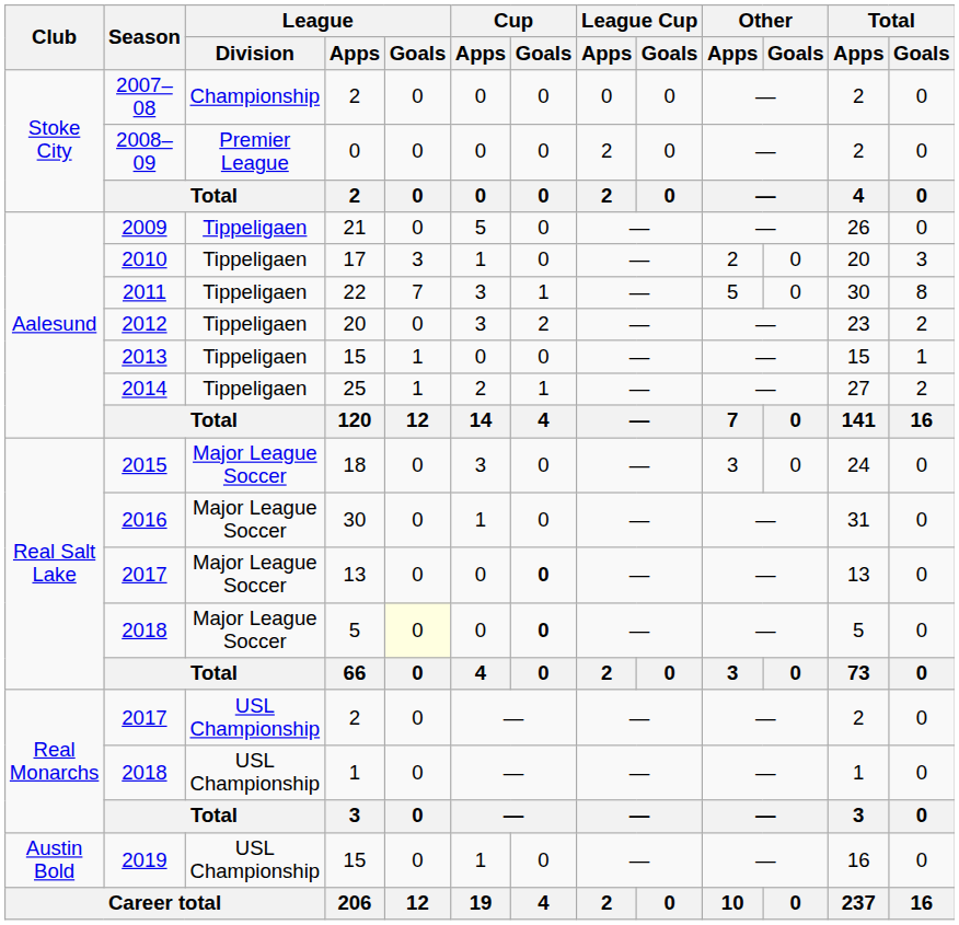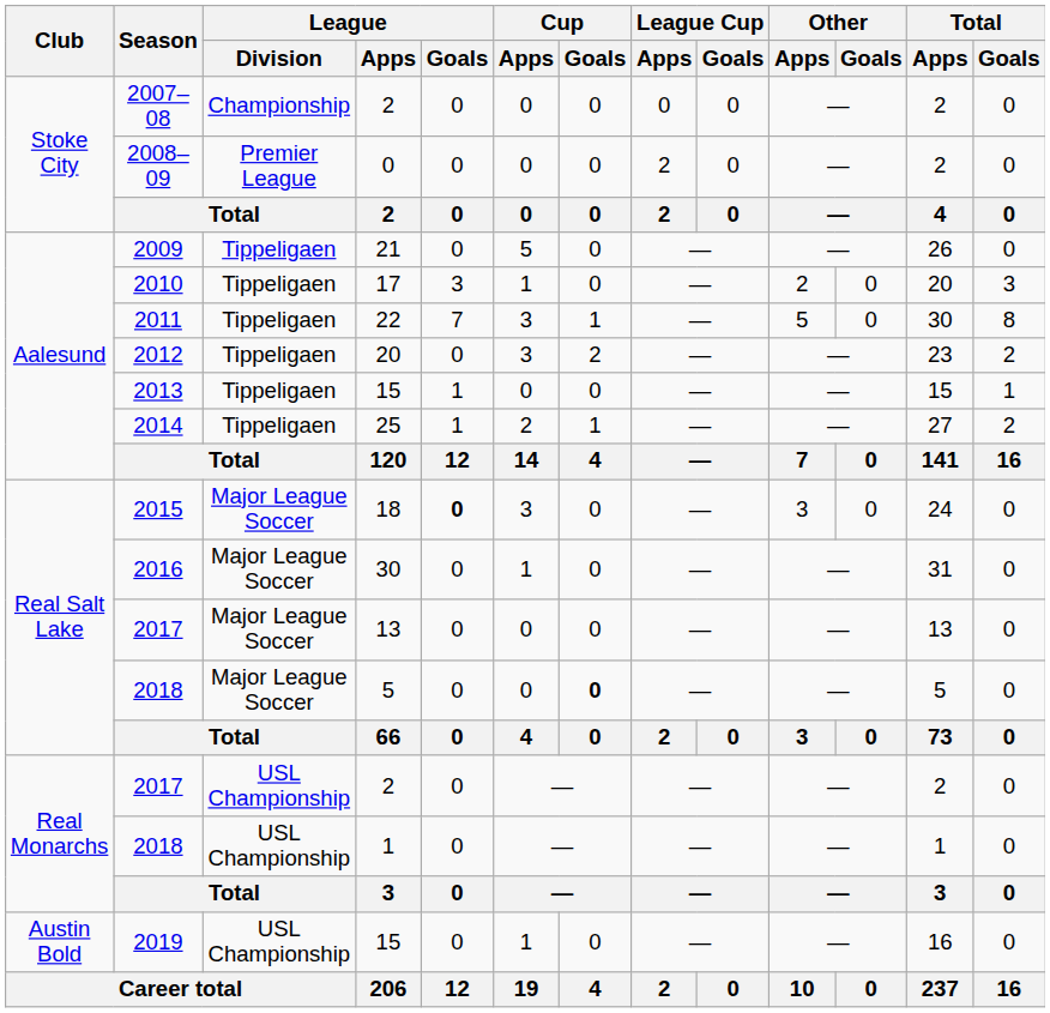 <table class="wikitable" style="text-align: center;">
 <tr>
 <th rowspan="2">Club</th>
 <th rowspan="2">Season</th>
 <th colspan="3">League</th>
 <th colspan="2">Cup</th>
 <th colspan="2">League Cup</th>
 <th colspan="2">Other</th>
 <th colspan="2">Total</th>
 </tr>
 <tr>
 <th>Division</th>
 <th>Apps</th>
 <th>Goals</th>
 <th>Apps</th>
 <th>Goals</th>
 <th>Apps</th>
 <th>Goals</th>
 <th>Apps</th>
 <th>Goals</th>
 <th>Apps</th>
 <th>Goals</th>
 </tr>
 <tr>
 <td rowspan=3><a href='#'>Stoke City</a></td>
 <td><a href='#'>2007–08</a></td>
 <td><a href='#'>Championship</a></td>
 <td>2</td>
 <td>0</td>
 <td>0</td>
 <td>0</td>
 <td>0</td>
 <td>0</td>
 <td colspan="2">—</td>
 <td>2</td>
 <td>0</td>
 </tr>
 <tr>
 <td><a href='#'>2008–09</a></td>
 <td><a href='#'>Premier League</a></td>
 <td>0</td>
 <td>0</td>
 <td>0</td>
 <td>0</td>
 <td>2</td>
 <td>0</td>
 <td colspan="2">—</td>
 <td>2</td>
 <td>0</td>
 </tr>
 <tr>
 <th colspan=2>Total</th>
 <th>2</th>
 <th>0</th>
 <th>0</th>
 <th>0</th>
 <th>2</th>
 <th>0</th>
 <th colspan="2">—</th>
 <th>4</th>
 <th>0</th>
 </tr>
 <tr>
 <td rowspan=7><a href='#'>Aalesund</a></td>
 <td><a href='#'>2009</a></td>
 <td><a href='#'>Tippeligaen</a></td>
 <td>21</td>
 <td>0</td>
 <td>5</td>
 <td>0</td>
 <td colspan="2">—</td>
 <td colspan="2">—</td>
 <td>26</td>
 <td>0</td>
 </tr>
 <tr>
 <td><a href='#'>2010</a></td>
 <td>Tippeligaen</td>
 <td>17</td>
 <td>3</td>
 <td>1</td>
 <td>0</td>
 <td colspan="2">—</td>
 <td>2</td>
 <td>0</td>
 <td>20</td>
 <td>3</td>
 </tr>
 <tr>
 <td><a href='#'>2011</a></td>
 <td>Tippeligaen</td>
 <td>22</td>
 <td>7</td>
 <td>3</td>
 <td>1</td>
 <td colspan="2">—</td>
 <td>5</td>
 <td>0</td>
 <td>30</td>
 <td>8</td>
 </tr>
 <tr>
 <td><a href='#'>2012</a></td>
 <td>Tippeligaen</td>
 <td>20</td>
 <td>0</td>
 <td>3</td>
 <td>2</td>
 <td colspan="2">—</td>
 <td colspan="2">—</td>
 <td>23</td>
 <td>2</td>
 </tr>
 <tr>
 <td><a href='#'>2013</a></td>
 <td>Tippeligaen</td>
 <td>15</td>
 <td>1</td>
 <td>0</td>
 <td>0</td>
 <td colspan="2">—</td>
 <td colspan="2">—</td>
 <td>15</td>
 <td>1</td>
 </tr>
 <tr>
 <td><a href='#'>2014</a></td>
 <td>Tippeligaen</td>
 <td>25</td>
 <td>1</td>
 <td>2</td>
 <td>1</td>
 <td colspan="2">—</td>
 <td colspan="2">—</td>
 <td>27</td>
 <td>2</td>
 </tr>
 <tr>
 <th colspan=2>Total</th>
 <th>120</th>
 <th>12</th>
 <th>14</th>
 <th>4</th>
 <th colspan="2">—</th>
 <th>7</th>
 <th>0</th>
 <th>141</th>
 <th>16</th>
 </tr>
 <tr>
 <td rowspan=5><a href='#'>Real Salt Lake</a></td>
 <td><a href='#'>2015</a></td>
 <td><a href='#'>Major League Soccer</a></td>
 <td>18</td>
-<td>0</td>
+<td><strong>0</strong></td>
 <td>3</td>
 <td>0</td>
 <td colspan="2">—</td>
 <td>3</td>
 <td>0</td>
 <td>24</td>
 <td>0</td>
 </tr>
 <tr>
 <td><a href='#'>2016</a></td>
 <td>Major League Soccer</td>
 <td>30</td>
 <td>0</td>
 <td>1</td>
 <td>0</td>
 <td colspan="2">—</td>
 <td colspan="2">—</td>
 <td>31</td>
 <td>0</td>
 </tr>
 <tr>
 <td><a href='#'>2017</a></td>
 <td>Major League Soccer</td>
 <td>13</td>
 <td>0</td>
 <td>0</td>
-<td><strong>0</strong></td>
+<td>0</td>
 <td colspan="2">—</td>
 <td colspan="2">—</td>
 <td>13</td>
 <td>0</td>
 </tr>
 <tr>
 <td><a href='#'>2018</a></td>
 <td>Major League Soccer</td>
 <td>5</td>
-<td style="background: lightyellow;">0</td>
+<td>0</td>
 <td>0</td>
 <td><strong>0</strong></td>
 <td colspan="2">—</td>
 <td colspan="2">—</td>
 <td>5</td>
 <td>0</td>
 </tr>
 <tr>
 <th colspan=2>Total</th>
 <th>66</th>
 <th>0</th>
 <th>4</th>
 <th>0</th>
 <th>2</th>
 <th>0</th>
 <th>3</th>
 <th>0</th>
 <th>73</th>
 <th>0</th>
 </tr>
 <tr>
 <td rowspan=3><a href='#'>Real Monarchs</a></td>
 <td><a href='#'>2017</a></td>
 <td><a href='#'>USL Championship</a></td>
 <td>2</td>
 <td>0</td>
 <td colspan="2">—</td>
 <td colspan="2">—</td>
 <td colspan="2">—</td>
 <td>2</td>
 <td>0</td>
 </tr>
 <tr>
 <td><a href='#'>2018</a></td>
 <td>USL Championship</td>
 <td>1</td>
 <td>0</td>
 <td colspan="2">—</td>
 <td colspan="2">—</td>
 <td colspan="2">—</td>
 <td>1</td>
 <td>0</td>
 </tr>
 <tr>
 <th colspan=2>Total</th>
 <th>3</th>
 <th>0</th>
 <th colspan="2">—</th>
 <th colspan="2">—</th>
 <th colspan="2">—</th>
 <th>3</th>
 <th>0</th>
 </tr>
 <tr>
 <td><a href='#'>Austin Bold</a></td>
 <td><a href='#'>2019</a></td>
 <td>USL Championship</td>
 <td>15</td>
 <td>0</td>
 <td>1</td>
 <td>0</td>
 <td colspan="2">—</td>
 <td colspan="2">—</td>
 <td>16</td>
 <td>0</td>
 </tr>
 <tr>
 <th colspan="3">Career total</th>
 <th>206</th>
 <th>12</th>
 <th>19</th>
 <th>4</th>
 <th>2</th>
 <th>0</th>
 <th>10</th>
 <th>0</th>
 <th>237</th>
 <th>16</th>
 </tr>
 </table>
